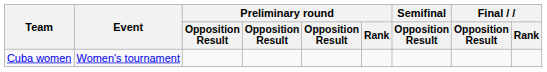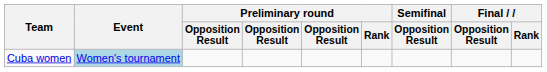 <table class="wikitable" style="font-size:90%;text-align:center">
 <tr>
 <th rowspan=2>Team</th>
 <th rowspan=2>Event</th>
 <th colspan=4>Preliminary round</th>
 <th>Semifinal</th>
 <th colspan=2>Final /  / </th>
 </tr>
 <tr style=font-size:95%>
 <th>Opposition<br>Result</th>
 <th>Opposition<br>Result</th>
 <th>Opposition<br>Result</th>
 <th>Rank</th>
 <th>Opposition<br>Result</th>
 <th>Opposition<br>Result</th>
 <th>Rank</th>
 </tr>
 <tr>
 <td style="text-align:left"><a href='#'>Cuba women</a></td>
-<td style="text-align:left"><a href='#'>Women's tournament</a></td>
+<td style="background: lightblue; text-align:left"><a href='#'>Women's tournament</a></td>
 <td></td>
 <td></td>
 <td></td>
 <td></td>
 <td></td>
 <td></td>
 <td></td>
 </tr>
 </table>
